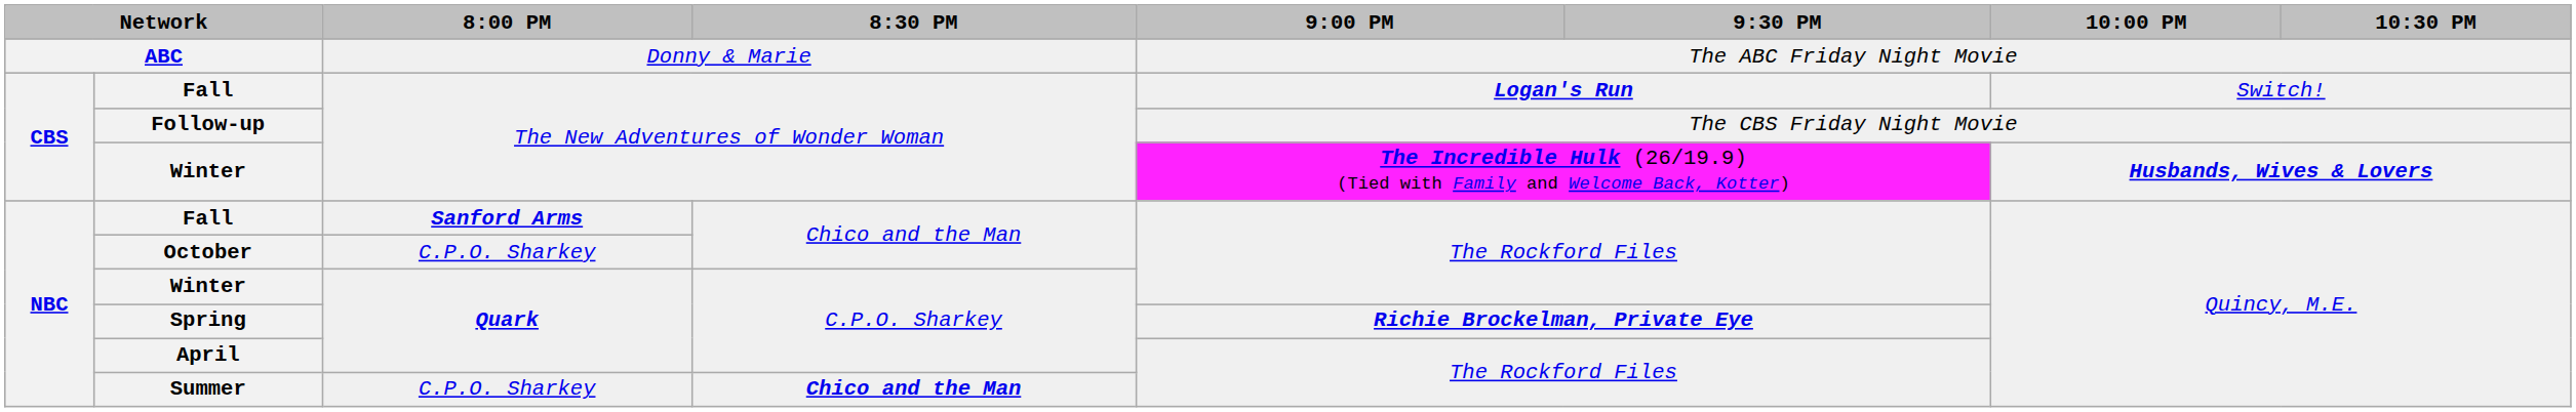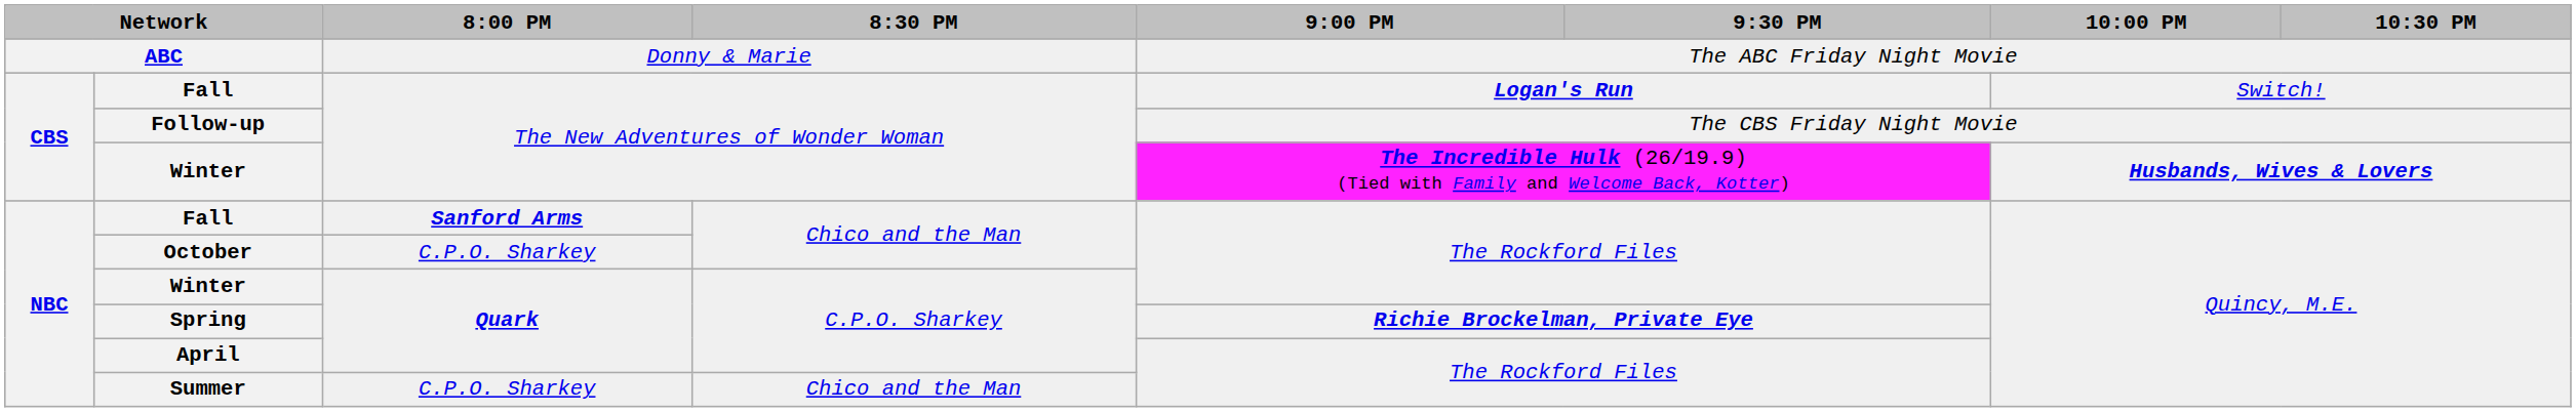 <table class="wikitable plainrowheaders" style="width:100%; margin:auto; text-align:center;">
 <tr>
 <th colspan="2" style="background-color:#C0C0C0;text-align:center">Network</th>
 <th style="background-color:#C0C0C0;text-align:center">8:00 PM</th>
 <th style="background-color:#C0C0C0;text-align:center">8:30 PM</th>
 <th style="background-color:#C0C0C0;text-align:center">9:00 PM</th>
 <th style="background-color:#C0C0C0;text-align:center">9:30 PM</th>
 <th style="background-color:#C0C0C0;text-align:center">10:00 PM</th>
 <th style="background-color:#C0C0C0;text-align:center">10:30 PM</th>
 </tr>
 <tr>
 <th bgcolor="#C0C0C0" colspan="2"><a href='#'>ABC</a></th>
 <td bgcolor="#F0F0F0" colspan="2"><em><a href='#'>Donny & Marie</a></em></td>
 <td bgcolor="#F0F0F0" colspan="4"><em>The ABC Friday Night Movie</em></td>
 </tr>
 <tr>
 <th bgcolor="#C0C0C0" rowspan="3"><a href='#'>CBS</a></th>
 <th>Fall</th>
 <td bgcolor="#F0F0F0" colspan="2" rowspan="3"><em><a href='#'>The New Adventures of Wonder Woman</a></em></td>
 <td bgcolor="#F0F0F0" colspan="2"><strong><em><a href='#'>Logan's Run</a></em></strong></td>
 <td bgcolor="#F0F0F0" colspan="2"><em><a href='#'>Switch!</a></em></td>
 </tr>
 <tr>
 <th>Follow-up</th>
 <td bgcolor="#F0F0F0" colspan="4"><em>The CBS Friday Night Movie</em></td>
 </tr>
 <tr>
 <th>Winter</th>
 <td bgcolor="#FF22FF" colspan="2"><strong><em><a href='#'>The Incredible Hulk</a></em></strong> (26/19.9)<br><small>(Tied with <em><a href='#'>Family</a></em> and <em><a href='#'>Welcome Back, Kotter</a></em>)</small></td>
 <td bgcolor="#F0F0F0" colspan="2"><strong><em><a href='#'>Husbands, Wives & Lovers</a></em></strong></td>
 </tr>
 <tr>
 <th rowspan="6" bgcolor="#C0C0C0"><a href='#'>NBC</a></th>
 <th>Fall</th>
 <td bgcolor="#F0F0F0"><strong><em><a href='#'>Sanford Arms</a></em></strong></td>
 <td bgcolor="#F0F0F0" rowspan="2"><em><a href='#'>Chico and the Man</a></em></td>
 <td colspan="2" rowspan="3" bgcolor="#F0F0F0"><em><a href='#'>The Rockford Files</a></em></td>
 <td colspan="2" rowspan="6" bgcolor="#F0F0F0"><em><a href='#'>Quincy, M.E.</a></em></td>
 </tr>
 <tr>
 <th>October</th>
 <td bgcolor="#F0F0F0"><em><a href='#'>C.P.O. Sharkey</a></em></td>
 </tr>
 <tr>
 <th>Winter</th>
 <td rowspan="3" bgcolor="#F0F0F0"><strong><em><a href='#'>Quark</a></em></strong></td>
 <td rowspan="3" bgcolor="#F0F0F0"><em><a href='#'>C.P.O. Sharkey</a></em></td>
 </tr>
 <tr>
 <th>Spring</th>
 <td colspan="2" bgcolor="#F0F0F0"><strong><em><a href='#'>Richie Brockelman, Private Eye</a></em></strong></td>
 </tr>
 <tr>
 <th>April</th>
 <td colspan="2" rowspan="2" bgcolor="#F0F0F0"><em><a href='#'>The Rockford Files</a></em></td>
 </tr>
 <tr>
 <th>Summer</th>
 <td bgcolor="#F0F0F0"><em><a href='#'>C.P.O. Sharkey</a></em></td>
-<td bgcolor="#F0F0F0"><strong><em><a href='#'>Chico and the Man</a></em></strong></td>
+<td bgcolor="#F0F0F0"><em><a href='#'>Chico and the Man</a></em></td>
 </tr>
 </table>
